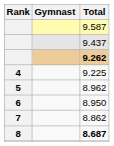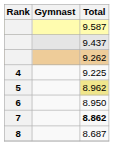 <table class="wikitable sortable" style="text-align:center; font-size:95%">
 <tr>
 <th scope=col>Rank</th>
 <th scope=col>Gymnast </th>
 <th scope=col>Total</th>
 </tr>
 <tr bgcolor=fffcaf>
 <th scope=row style="text-align:center"></th>
 <td align=left> </td>
 <td>9.587</td>
 </tr>
 <tr bgcolor=e5e5e5>
 <th scope=row style="text-align:center"></th>
 <td align=left> </td>
 <td>9.437</td>
 </tr>
 <tr bgcolor=eecc99>
 <th scope=row style="text-align:center"></th>
 <td align=left> </td>
-<td><strong>9.262</strong></td>
+<td>9.262</td>
 </tr>
 <tr>
 <th scope=row style="text-align:center">4</th>
 <td align=left> </td>
 <td>9.225</td>
 </tr>
 <tr>
 <th scope=row style="text-align:center">5</th>
 <td align=left> </td>
-<td>8.962</td>
+<td style="background: khaki;">8.962</td>
 </tr>
 <tr>
 <th scope=row style="text-align:center">6</th>
 <td align=left> </td>
 <td>8.950</td>
 </tr>
 <tr>
 <th scope=row style="text-align:center">7</th>
 <td align=left> </td>
-<td>8.862</td>
+<td><strong>8.862</strong></td>
 </tr>
 <tr>
 <th scope=row style="text-align:center">8</th>
 <td align=left> </td>
-<td><strong>8.687</strong></td>
+<td>8.687</td>
 </tr>
 <tr>
 </tr>
 </table>
